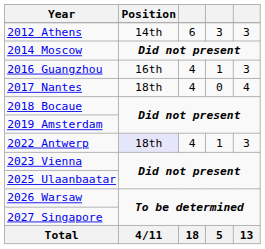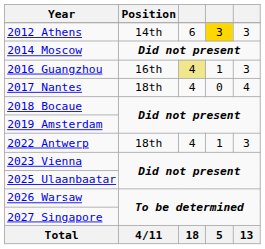 <table class="wikitable" style="text-align: center;">
 <tr>
 <th>Year</th>
 <th>Position</th>
 <th width=25px></th>
 <th width=25px></th>
 <th width=25px></th>
 </tr>
 <tr bgcolor="#FFD700">
 </tr>
 <tr>
 <td style="text-align: left;"> <a href='#'>2012 Athens</a></td>
 <td>14th</td>
 <td>6</td>
-<td>3</td>
+<td style="background: gold;">3</td>
 <td>3</td>
 </tr>
 <tr>
 <td style="text-align: left;"> <a href='#'>2014 Moscow</a></td>
 <td rowspan="1" colspan="4" style="text-align:center;"><strong><em>Did not present</em></strong></td>
 </tr>
 <tr>
 <td style="text-align: left;"> <a href='#'>2016 Guangzhou</a></td>
 <td>16th</td>
-<td>4</td>
+<td style="background: khaki;">4</td>
 <td>1</td>
 <td>3</td>
 </tr>
 <tr>
 <td style="text-align: left;"> <a href='#'>2017 Nantes</a></td>
 <td>18th</td>
 <td>4</td>
 <td>0</td>
 <td>4</td>
 </tr>
 <tr>
 <td style="text-align: left;"> <a href='#'>2018 Bocaue</a></td>
 <td rowspan="2" colspan="4" style="text-align:center;"><strong><em>Did not present</em></strong></td>
 </tr>
 <tr>
 <td style="text-align: left;"> <a href='#'>2019 Amsterdam</a></td>
 </tr>
 <tr>
 <td style="text-align: left;"> <a href='#'>2022 Antwerp</a></td>
-<td style="background: lavender;">18th</td>
+<td>18th</td>
 <td>4</td>
 <td>1</td>
 <td>3</td>
 </tr>
 <tr>
 <td style="text-align: left;"> <a href='#'>2023 Vienna</a></td>
 <td rowspan="2" colspan="4" style="text-align:center;"><strong><em>Did not present</em></strong></td>
 </tr>
 <tr>
 <td style="text-align: left;"> <a href='#'>2025 Ulaanbaatar</a></td>
 </tr>
 <tr>
 <td style="text-align: left;"> <a href='#'>2026 Warsaw</a></td>
 <td rowspan="2" colspan="4" style="text-align:center;"><strong><em>To be determined</em></strong></td>
 </tr>
 <tr>
 <td style="text-align: left;"> <a href='#'>2027 Singapore</a></td>
 </tr>
 <tr>
 <th>Total</th>
 <th>4/11</th>
 <th>18</th>
 <th>5</th>
 <th>13</th>
 </tr>
 </table>
